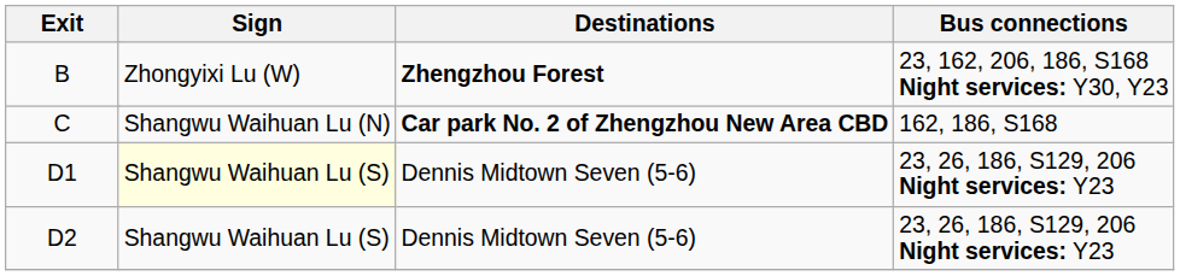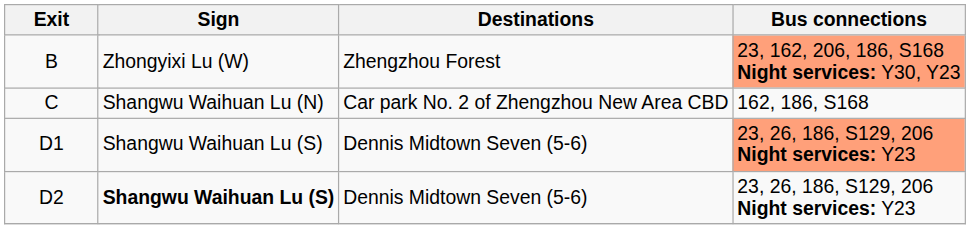 <table class=wikitable>
 <tr>
 <th style="width:70px" colspan=4>Exit</th>
 <th>Sign</th>
 <th>Destinations</th>
 <th>Bus connections</th>
 </tr>
 <tr>
 <td align=center colspan=4>B</td>
 <td>Zhongyixi Lu (W)</td>
-<td><strong>Zhengzhou Forest</strong></td>
-<td>23, 162, 206, 186, S168<br><strong>Night services:</strong> Y30, Y23</td>
+<td>Zhengzhou Forest</td>
+<td style="background: lightsalmon;">23, 162, 206, 186, S168<br><strong>Night services:</strong> Y30, Y23</td>
 </tr>
 <tr>
 <td align=center colspan=4>C</td>
 <td>Shangwu Waihuan Lu (N)</td>
-<td><strong>Car park No. 2 of Zhengzhou New Area CBD</strong></td>
+<td>Car park No. 2 of Zhengzhou New Area CBD</td>
 <td>162, 186, S168</td>
 </tr>
 <tr>
 <td align=center colspan=4>D1</td>
-<td style="background: lightyellow;">Shangwu Waihuan Lu (S)</td>
+<td>Shangwu Waihuan Lu (S)</td>
 <td>Dennis Midtown Seven (5-6)</td>
-<td>23, 26, 186, S129, 206<br><strong>Night services:</strong> Y23</td>
+<td style="background: lightsalmon;">23, 26, 186, S129, 206<br><strong>Night services:</strong> Y23</td>
 </tr>
 <tr>
 <td align=center colspan=4>D2</td>
-<td>Shangwu Waihuan Lu (S)</td>
+<td><strong>Shangwu Waihuan Lu (S)</strong></td>
 <td>Dennis Midtown Seven (5-6)</td>
 <td>23, 26, 186, S129, 206<br><strong>Night services:</strong> Y23</td>
 </tr>
 <tr>
 </tr>
 </table>
